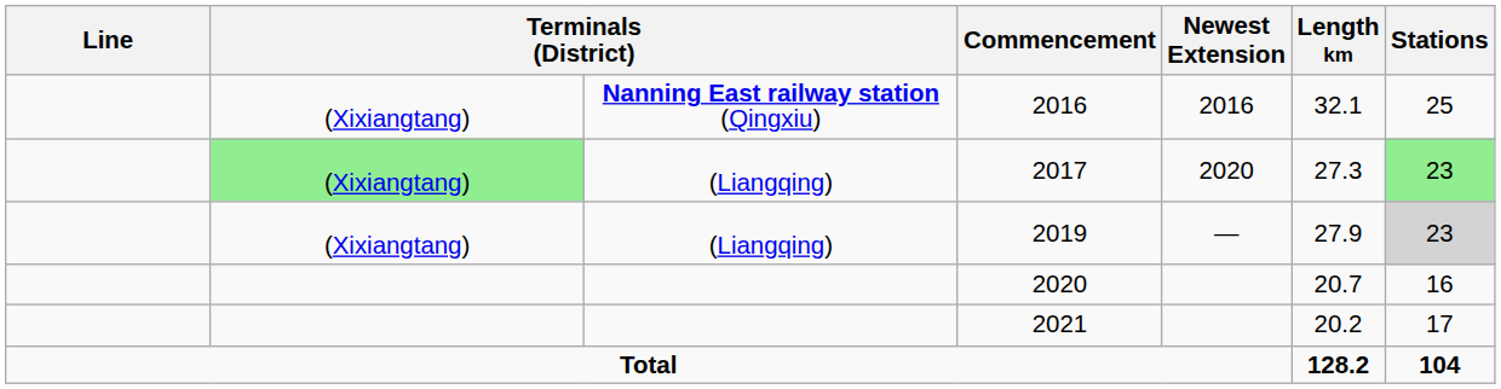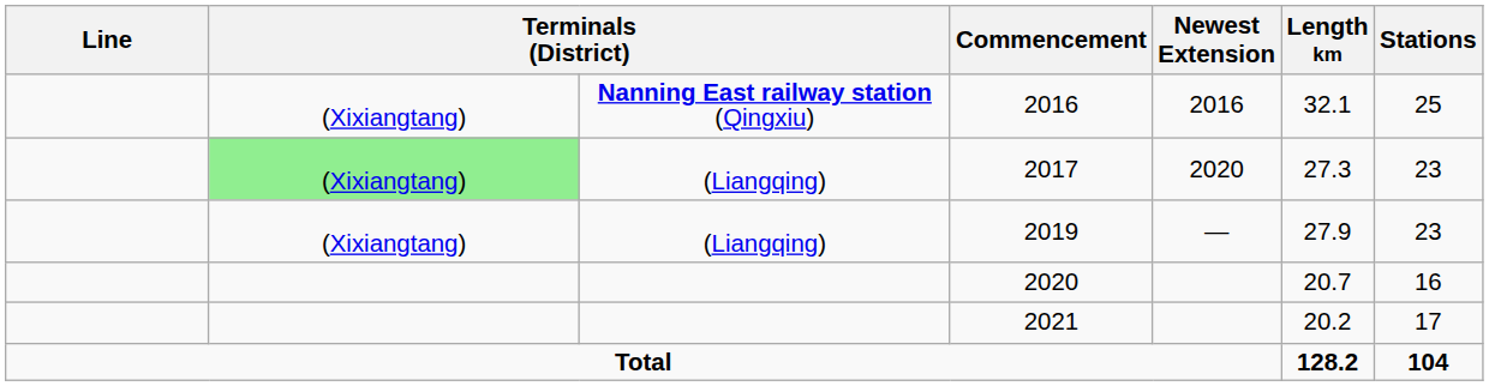 <table class="wikitable sortable" style="cell-padding:1.5; font-size:96%; text-align:center;">
 <tr>
 <th data-sort-type="text"style="width:120px;">Line</th>
 <th class="unsortable" colspan="2" style="width:450px; line-height:1.05">Terminals<br>(District)</th>
 <th>Commencement</th>
 <th>Newest<br>Extension</th>
 <th style="line-height:1.05">Length<br><small>km</small></th>
 <th style="line-height:1.05">Stations</th>
 </tr>
 <tr>
 <td style="text-align:center; line-height:1.05"></td>
 <td style="text-align:center; width:225px; line-height:1.05"><strong></strong><br>(<a href='#'>Xixiangtang</a>)</td>
 <td style="text-align:center; width:225px; line-height:1.05"><strong><a href='#'>Nanning East railway station</a></strong><br>(<a href='#'>Qingxiu</a>)</td>
 <td style="text-align:center; line-height:1.05">2016</td>
 <td style="text-align:center; line-height:1.05">2016</td>
 <td style="text-align:center; line-height:1.05">32.1</td>
 <td style="text-align:center; line-height:1.05">25</td>
 </tr>
 <tr>
 <td style="text-align:center; line-height:1.05"></td>
 <td style="background: lightgreen; text-align:center; width:225px; line-height:1.05"><strong></strong><br>(<a href='#'>Xixiangtang</a>)</td>
 <td style="text-align:center; width:225px; line-height:1.05"><strong></strong><br>(<a href='#'>Liangqing</a>)</td>
 <td style="text-align:center; line-height:1.05">2017</td>
 <td style="text-align:center; line-height:1.05">2020</td>
 <td style="text-align:center; line-height:1.05">27.3</td>
-<td style="background: lightgreen; text-align:center; line-height:1.05">23</td>
+<td style="text-align:center; line-height:1.05">23</td>
 </tr>
 <tr>
 <td style="text-align:center; line-height:1.05"></td>
 <td style="text-align:center; width:225px; line-height:1.05"><strong></strong><br>(<a href='#'>Xixiangtang</a>)</td>
 <td style="text-align:center; width:225px; line-height:1.05"><strong></strong><br>(<a href='#'>Liangqing</a>)</td>
 <td style="text-align:center; line-height:1.05">2019</td>
 <td style="text-align:center; line-height:1.05">—</td>
 <td style="text-align:center; line-height:1.05">27.9</td>
-<td style="background: lightgrey; text-align:center; line-height:1.05">23</td>
+<td style="text-align:center; line-height:1.05">23</td>
 </tr>
 <tr>
 <td></td>
 <td><strong></strong></td>
 <td><strong></strong></td>
 <td>2020</td>
 <td></td>
 <td>20.7</td>
 <td>16</td>
 </tr>
 <tr>
 <td></td>
 <td><strong></strong></td>
 <td><strong></strong></td>
 <td>2021</td>
 <td></td>
 <td>20.2</td>
 <td>17</td>
 </tr>
 <tr class="sortbottom">
 <td colspan="5" style="text-align:center; line-height:1.05"><strong>Total</strong></td>
 <td style="text-align:center; line-height:1.05"><strong>128.2</strong></td>
 <td style="text-align:center; line-height:1.05"><strong>104</strong></td>
 </tr>
 </table>
